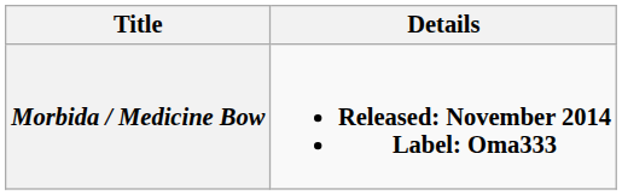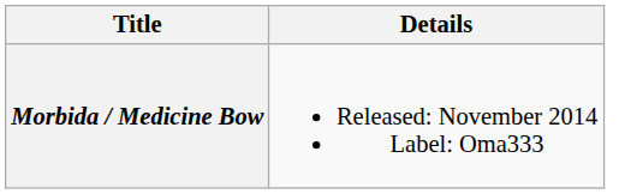 <table class="wikitable plainrowheaders" style="text-align:center;">
 <tr>
 <th scope="col">Title</th>
 <th scope="col">Details</th>
 </tr>
 <tr>
 <th scope="row"><em>Morbida / Medicine Bow</em></th>
-<td><strong><br><ul><li>Released: November 2014</li><li>Label: Oma333</li></ul></strong></td>
+<td><br><ul><li>Released: November 2014</li><li>Label: Oma333</li></ul></td>
 </tr>
 </table>
